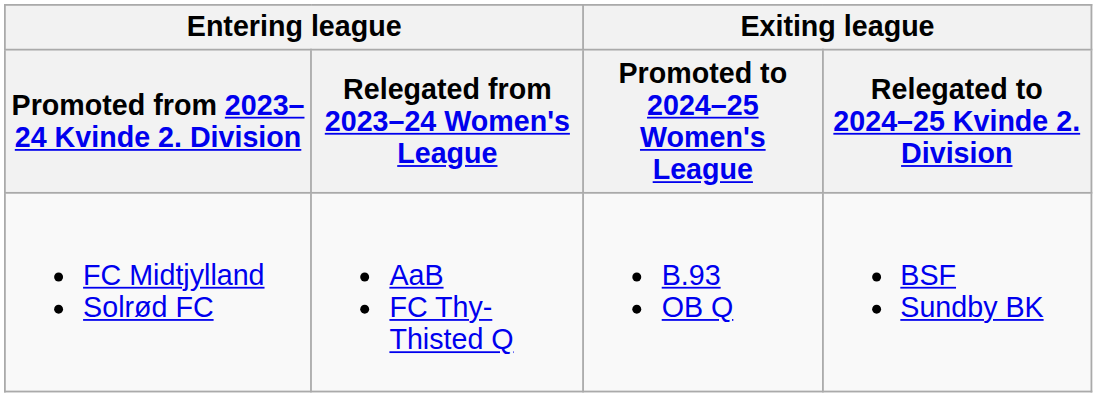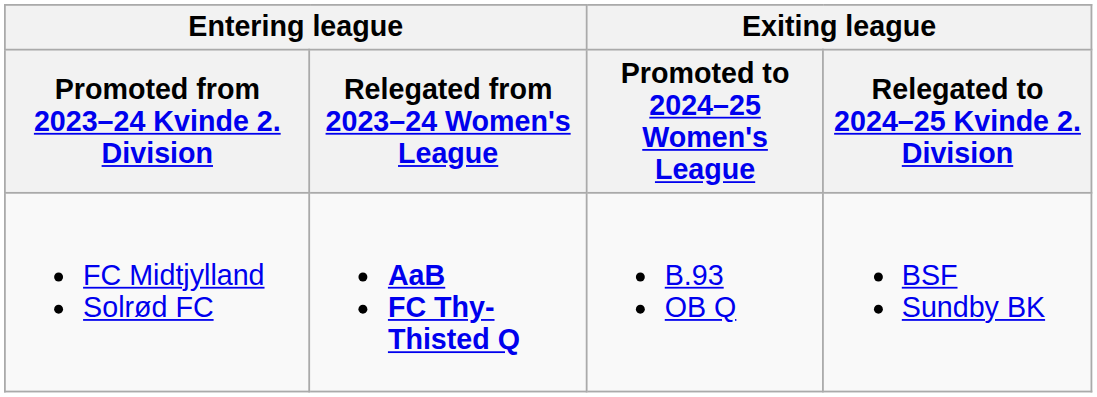 <table class="wikitable">
 <tr>
 <th colspan="2">Entering league</th>
 <th colspan="2">Exiting league</th>
 </tr>
 <tr>
 <th>Promoted from <a href='#'>2023–24 Kvinde 2. Division</a></th>
 <th>Relegated from <a href='#'>2023–24 Women's League</a></th>
 <th>Promoted to <a href='#'>2024–25 Women's League</a></th>
 <th>Relegated to <a href='#'>2024–25 Kvinde 2. Division</a></th>
 </tr>
 <tr style="vertical-align:top;">
 <td><br><ul><li><a href='#'>FC Midtjylland</a></li><li><a href='#'>Solrød FC</a></li></ul></td>
-<td><br><ul><li><a href='#'>AaB</a></li><li><a href='#'>FC Thy-Thisted Q</a></li></ul></td>
+<td><strong><br><ul><li><a href='#'>AaB</a></li><li><a href='#'>FC Thy-Thisted Q</a></li></ul></strong></td>
 <td><br><ul><li><a href='#'>B.93</a></li><li><a href='#'>OB Q</a></li></ul></td>
 <td><br><ul><li><a href='#'>BSF</a></li><li><a href='#'>Sundby BK</a></li></ul></td>
 </tr>
 </table>
